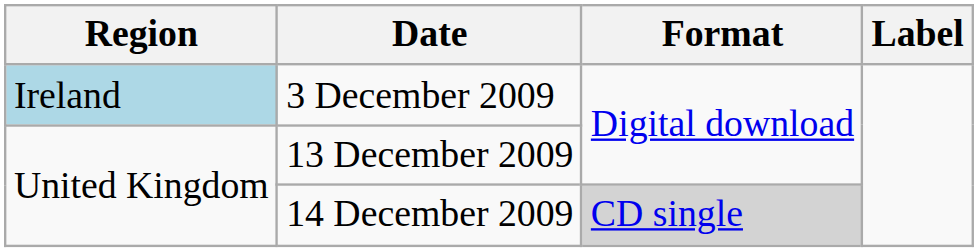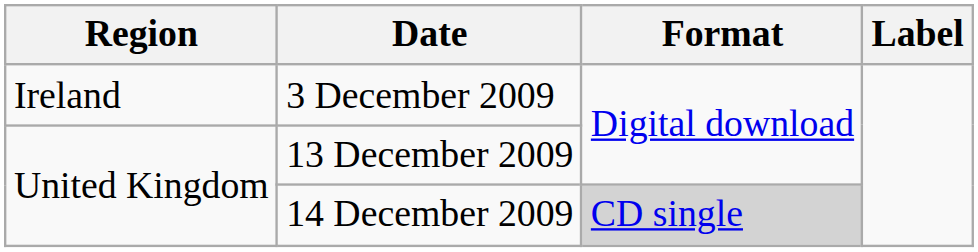 <table class="wikitable">
 <tr>
 <th>Region</th>
 <th>Date</th>
 <th>Format</th>
 <th>Label</th>
 </tr>
 <tr>
-<td style="background: lightblue;">Ireland</td>
+<td>Ireland</td>
 <td>3 December 2009</td>
 <td rowspan="2"><a href='#'>Digital download</a></td>
 <td rowspan="3"></td>
 </tr>
 <tr>
 <td rowspan="2">United Kingdom</td>
 <td>13 December 2009</td>
 </tr>
 <tr>
 <td>14 December 2009</td>
 <td style="background: lightgrey;"><a href='#'>CD single</a></td>
 </tr>
 </table>
